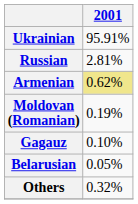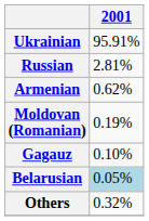 <table class=wikitable>
 <tr>
 <th></th>
 <th><a href='#'>2001</a></th>
 </tr>
 <tr>
 <th><a href='#'>Ukrainian</a></th>
 <td>95.91%</td>
 </tr>
 <tr>
 <th><a href='#'>Russian</a></th>
 <td>2.81%</td>
 </tr>
 <tr>
 <th><a href='#'>Armenian</a></th>
-<td style="background: khaki;">0.62%</td>
+<td>0.62%</td>
 </tr>
 <tr>
 <th><a href='#'>Moldovan</a><br>(<a href='#'>Romanian</a>)</th>
 <td>0.19%</td>
 </tr>
 <tr>
 <th><a href='#'>Gagauz</a></th>
 <td>0.10%</td>
 </tr>
 <tr>
 <th><a href='#'>Belarusian</a></th>
-<td>0.05%</td>
+<td style="background: lightblue;">0.05%</td>
 </tr>
 <tr>
 <th>Others</th>
 <td>0.32%</td>
 </tr>
 <tr>
 </tr>
 </table>
